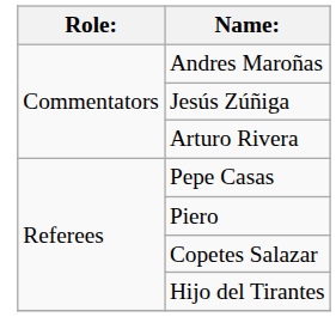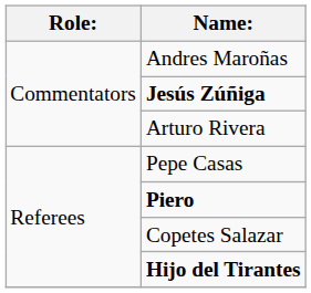 <table class=wikitable style="font-size:90%; margin: 0.5em 0 0.5em 1em; float: right; clear: right;">
 <tr>
 <th>Role:</th>
 <th>Name:</th>
 </tr>
 <tr>
 <td rowspan=3>Commentators</td>
 <td>Andres Maroñas</td>
 </tr>
 <tr>
-<td>Jesús Zúñiga</td>
+<td><strong>Jesús Zúñiga</strong></td>
 </tr>
 <tr>
 <td>Arturo Rivera</td>
 </tr>
 <tr>
 <td rowspan=4>Referees</td>
 <td>Pepe Casas</td>
 </tr>
 <tr>
-<td>Piero</td>
+<td><strong>Piero</strong></td>
 </tr>
 <tr>
 <td>Copetes Salazar</td>
 </tr>
 <tr>
-<td>Hijo del Tirantes</td>
+<td><strong>Hijo del Tirantes</strong></td>
 </tr>
 <tr>
 </tr>
 </table>
